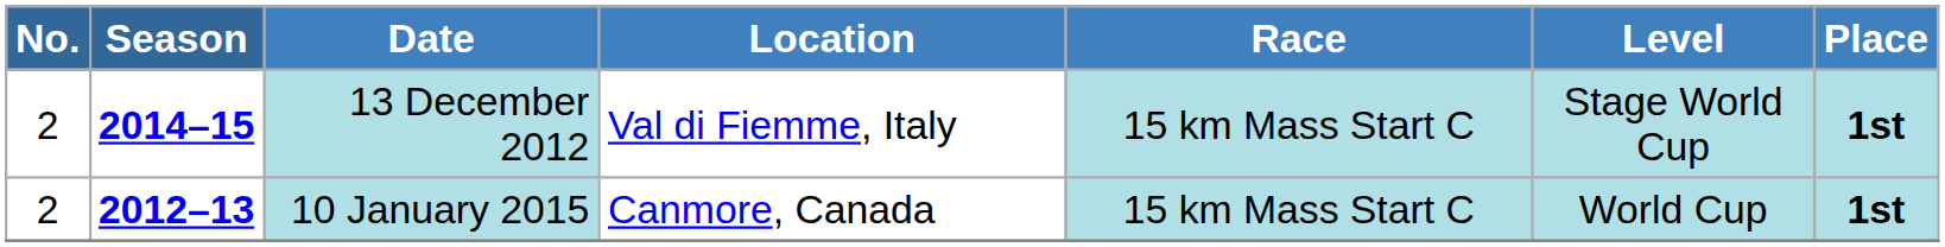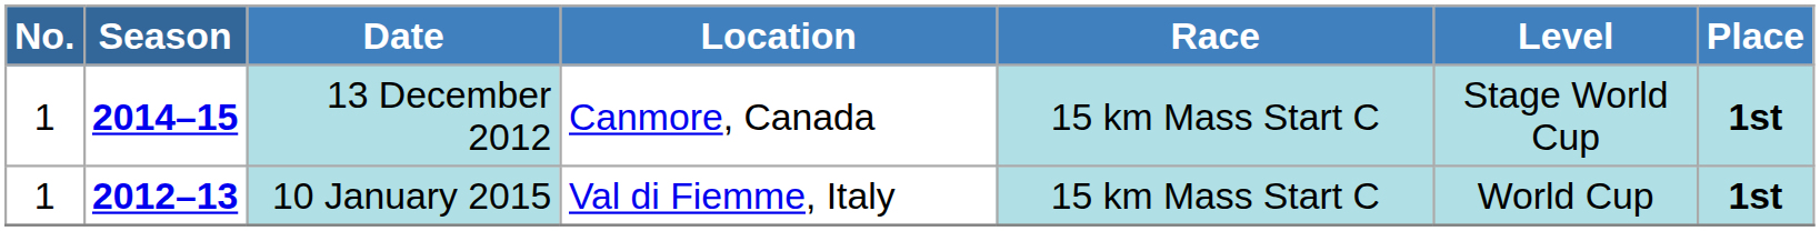 <table class="wikitable sortable" style="font-size:95%; text-align:center; border:grey solid 1px; border-collapse:collapse; background:#ffffff;">
 <tr style="background:#efefef;">
 <th style="background-color:#369; color:white;">No.</th>
 <th style="background-color:#369; color:white;">Season</th>
 <th style="background-color:#4180be; color:white; width:120px;">Date</th>
 <th style="background-color:#4180be; color:white; width:170px;">Location</th>
 <th style="background-color:#4180be; color:white; width:170px;">Race</th>
 <th style="background-color:#4180be; color:white; width:100px;">Level</th>
 <th style="background-color:#4180be; color:white;">Place</th>
 </tr>
 <tr>
-<td align=center>2</td>
+<td align=center>1</td>
 <td rowspan=1 align=center><strong><a href='#'>2014–15</a></strong></td>
 <td bgcolor="#BOEOE6" align=right>13 December 2012</td>
-<td align=left> <a href='#'>Val di Fiemme</a>, Italy</td>
+<td align=left> <a href='#'>Canmore</a>, Canada</td>
 <td bgcolor="#BOEOE6">15 km Mass Start C</td>
 <td bgcolor="#BOEOE6">Stage World Cup</td>
 <td bgcolor="#BOEOE6"><strong>1st</strong></td>
 </tr>
 <tr>
-<td align=center>2</td>
+<td align=center>1</td>
 <td rowspan=1 align=center><strong><a href='#'>2012–13</a></strong></td>
 <td bgcolor="#BOEOE6" align=right>10 January 2015</td>
-<td align=left> <a href='#'>Canmore</a>, Canada</td>
+<td align=left> <a href='#'>Val di Fiemme</a>, Italy</td>
 <td bgcolor="#BOEOE6">15 km Mass Start C</td>
 <td bgcolor="#BOEOE6">World Cup</td>
 <td bgcolor="#BOEOE6"><strong>1st</strong></td>
 </tr>
 <tr>
 </tr>
 </table>
